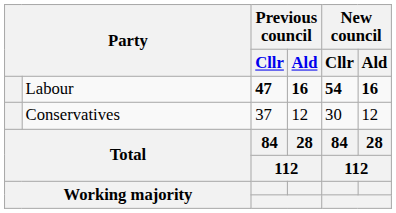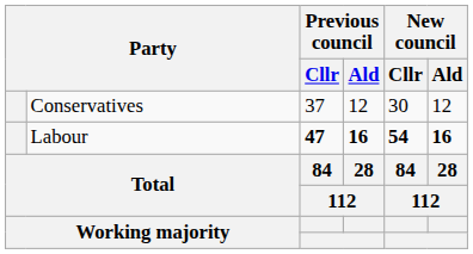 <table class="wikitable">
 <tr>
 <th colspan="2" rowspan="2" style="width: 230px">Party</th>
 <th valign=top colspan="2" style="width: 30px">Previous council</th>
 <th valign=top colspan="2" style="width: 30px">New council</th>
 </tr>
 <tr>
 <th><a href='#'>Cllr</a></th>
 <th><a href='#'>Ald</a></th>
 <th>Cllr</th>
 <th>Ald</th>
 </tr>
 <tr>
 <th style="background-color: "></th>
+<td>Conservatives</td>
+<td>37</td>
+<td>12</td>
+<td>30</td>
+<td>12</td>
+</tr>
+<tr>
+<th style="background-color: "></th>
 <td>Labour</td>
 <td><strong>47</strong></td>
 <td><strong>16</strong></td>
 <td><strong>54</strong></td>
 <td><strong>16</strong></td>
-</tr>
-<tr>
-<th style="background-color: "></th>
-<td>Conservatives</td>
-<td>37</td>
-<td>12</td>
-<td>30</td>
-<td>12</td>
 </tr>
 <tr>
 <th colspan="2" rowspan="2">Total</th>
 <th style="text-align: center">84</th>
 <th style="text-align: center">28</th>
 <th style="text-align: center">84</th>
 <th style="text-align: center">28</th>
 </tr>
 <tr>
 <th colspan="2" style="text-align: center">112</th>
 <th colspan="2" style="text-align: center">112</th>
 </tr>
 <tr>
 <th colspan="2" rowspan="2">Working majority</th>
 <th></th>
 <th></th>
 <th></th>
 <th></th>
 </tr>
 <tr>
 <th colspan="2"></th>
 <th colspan="2"></th>
 </tr>
 </table>
